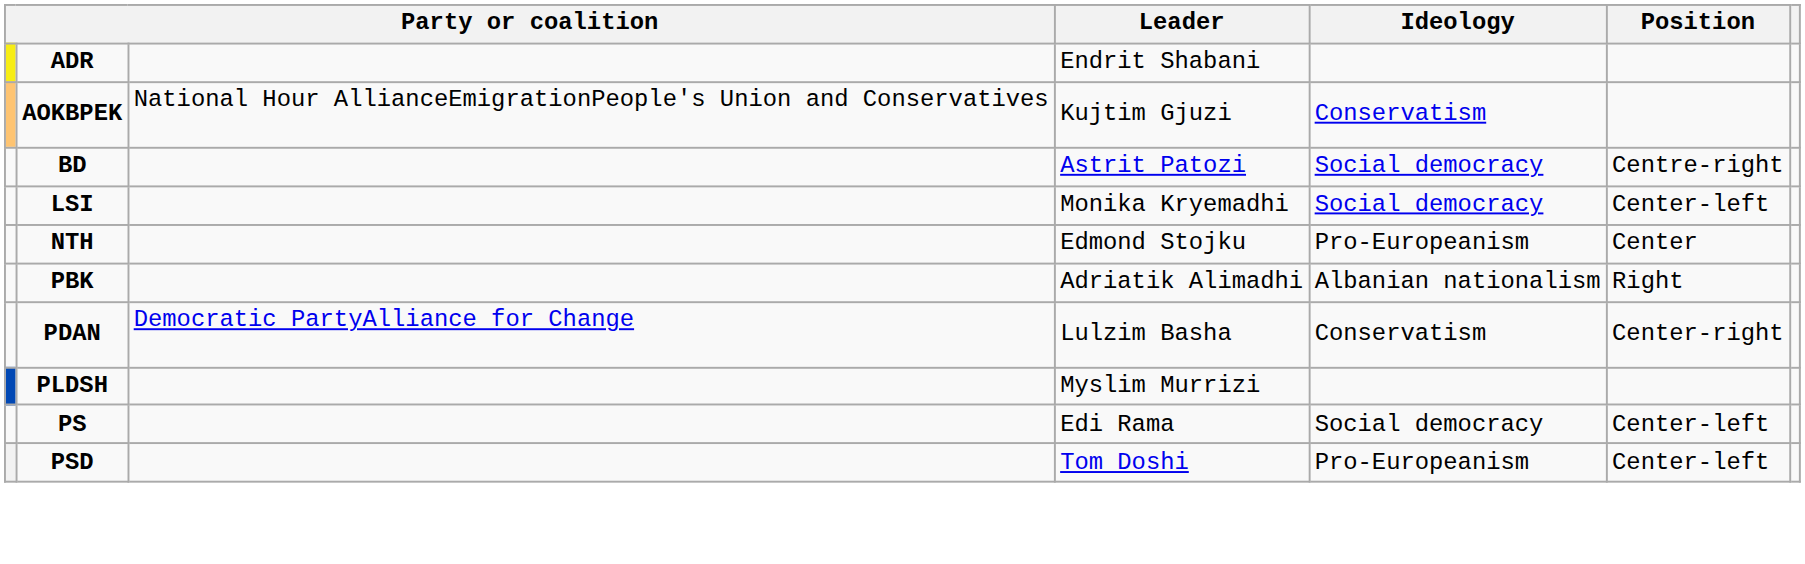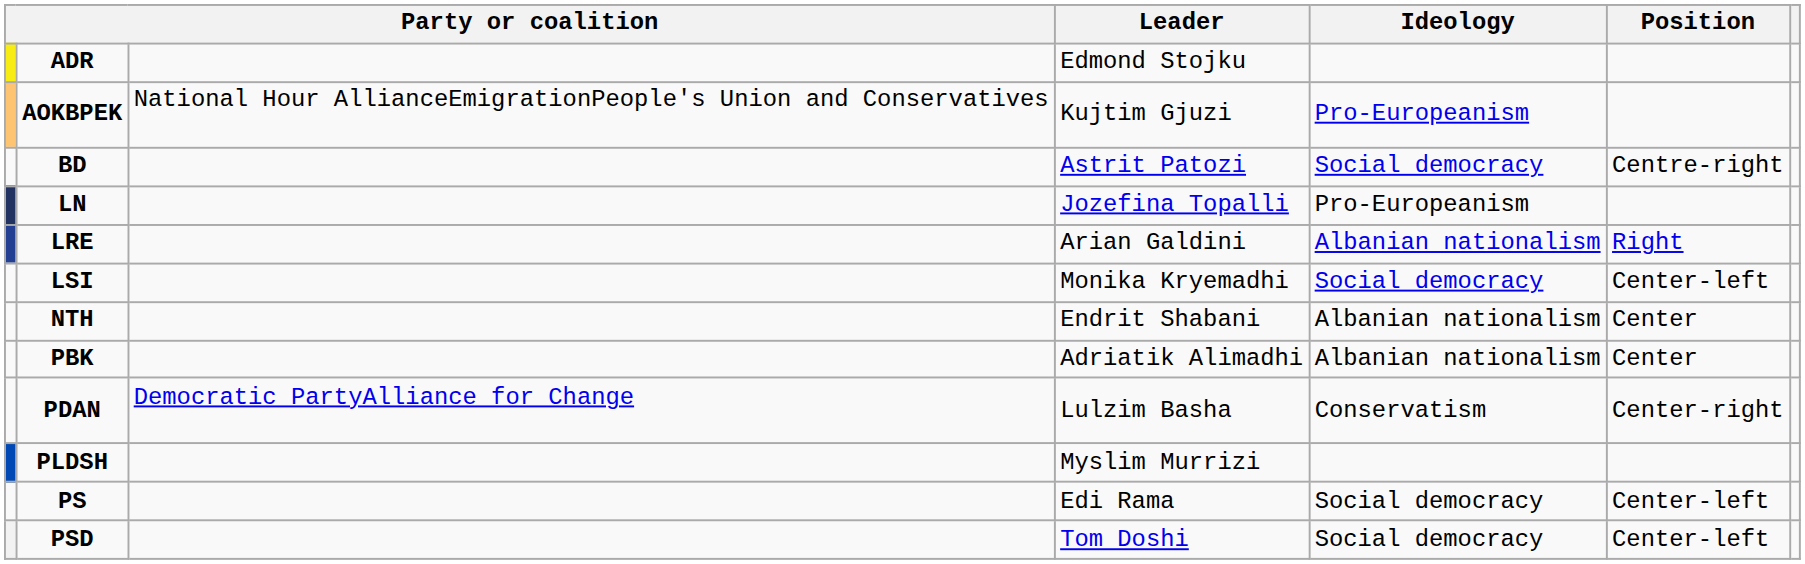 <table class="wikitable" style="font-size:95%">
 <tr>
 <th colspan="3" rowspan="1">Party or coalition</th>
 <th>Leader</th>
 <th>Ideology</th>
 <th>Position</th>
 <th></th>
 </tr>
 <tr>
 <td style="background:#F7ED14;"></td>
 <td style="text-align:center;"><strong>ADR</strong></td>
 <td></td>
-<td>Endrit Shabani</td>
+<td>Edmond Stojku</td>
 <td></td>
 <td></td>
 <td></td>
 </tr>
 <tr>
 <td style="background:#FEC472;"></td>
 <td style="text-align:center;"><strong>AOKBPEK</strong></td>
 <td {{Nowrap>National Hour AllianceEmigrationPeople's Union and Conservatives<br><br></td>
 <td>Kujtim Gjuzi</td>
-<td><a href='#'>Conservatism</a></td>
+<td><a href='#'>Pro-Europeanism</a></td>
 <td></td>
 <td></td>
 </tr>
 <tr>
 <td style="background:"></td>
 <td style="text-align:center;"><strong>BD</strong></td>
 <td></td>
 <td><a href='#'>Astrit Patozi</a></td>
 <td><a href='#'>Social democracy</a></td>
 <td>Centre-right</td>
+<td></td>
+</tr>
+<tr>
+<td style="background:#223361;"></td>
+<td style="text-align:center;"><strong>LN</strong></td>
+<td></td>
+<td><a href='#'>Jozefina Topalli</a></td>
+<td>Pro-Europeanism</td>
+<td></td>
+<td></td>
+</tr>
+<tr>
+<td style="background:#233F92;"></td>
+<td style="text-align:center;"><strong>LRE</strong></td>
+<td></td>
+<td>Arian Galdini</td>
+<td><a href='#'>Albanian nationalism</a></td>
+<td><a href='#'>Right</a></td>
 <td></td>
 </tr>
 <tr>
 <td style="background:"></td>
 <td style="text-align:center;"><strong>LSI</strong></td>
 <td></td>
 <td>Monika Kryemadhi</td>
 <td><a href='#'>Social democracy</a></td>
 <td>Center-left</td>
 <td></td>
 </tr>
 <tr>
 <td style="background:"></td>
 <td style="text-align:center;"><strong>NTH</strong></td>
 <td></td>
-<td>Edmond Stojku</td>
-<td>Pro-Europeanism</td>
+<td>Endrit Shabani</td>
+<td>Albanian nationalism</td>
 <td>Center</td>
 <td></td>
 </tr>
 <tr>
 <td style="background:"></td>
 <td style="text-align:center;"><strong>PBK</strong></td>
 <td></td>
 <td>Adriatik Alimadhi</td>
 <td>Albanian nationalism</td>
-<td>Right</td>
+<td>Center</td>
 <td></td>
 </tr>
 <tr>
 <td style="background:"></td>
 <td style="text-align:center;"><strong>PDAN</strong></td>
 <td {{Nowrap><a href='#'>Democratic PartyAlliance for Change</a><br><br></td>
 <td>Lulzim Basha</td>
 <td>Conservatism</td>
 <td>Center-right</td>
 <td></td>
 </tr>
 <tr>
 <td style="background:#0148B4;"></td>
 <td style="text-align:center;"><strong>PLDSH</strong></td>
 <td></td>
 <td>Myslim Murrizi</td>
 <td></td>
 <td></td>
 <td></td>
 </tr>
 <tr>
 <td style="background:"></td>
 <td style="text-align:center;"><strong>PS</strong></td>
 <td></td>
 <td>Edi Rama</td>
 <td>Social democracy</td>
 <td>Center-left</td>
 <td></td>
 </tr>
 <tr>
 <th style="background:"></th>
 <td style="text-align:center;"><strong>PSD</strong></td>
 <td></td>
 <td><a href='#'>Tom Doshi</a></td>
-<td>Pro-Europeanism</td>
+<td>Social democracy</td>
 <td>Center-left</td>
 <td></td>
 </tr>
 </table>
